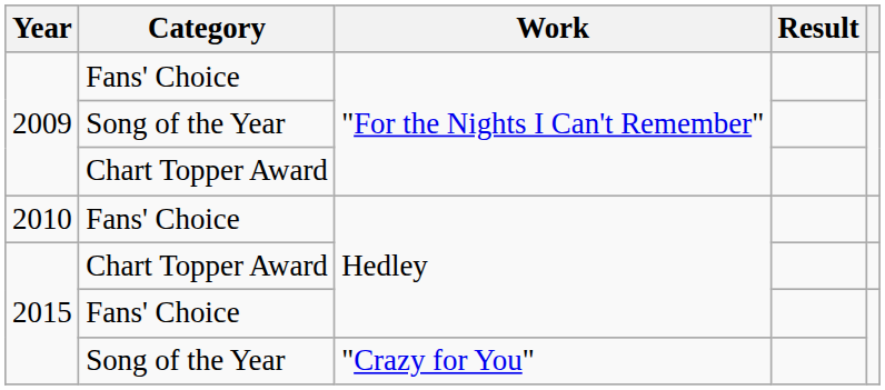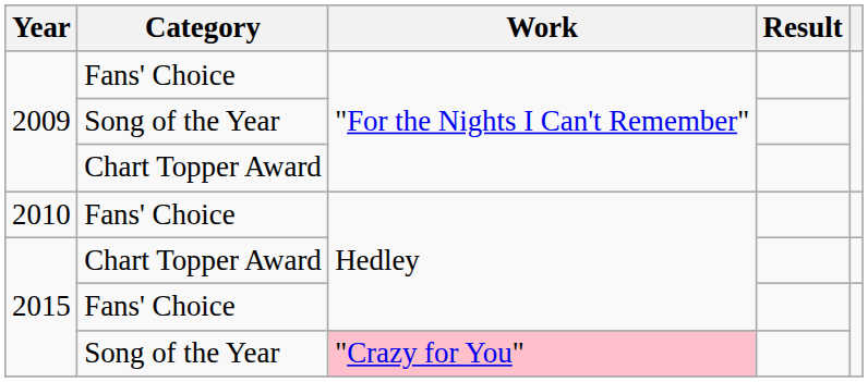 <table class="wikitable">
 <tr>
 <th scope="col">Year</th>
 <th>Category</th>
 <th scope="col">Work</th>
 <th scope="col">Result</th>
 <th></th>
 </tr>
 <tr>
 <td rowspan="3">2009</td>
 <td>Fans' Choice</td>
 <td rowspan="3">"<a href='#'>For the Nights I Can't Remember</a>"</td>
 <td></td>
 <td style="text-align:center;" rowspan="3"></td>
 </tr>
 <tr>
 <td>Song of the Year</td>
 <td></td>
 </tr>
 <tr>
 <td>Chart Topper Award</td>
 <td></td>
 </tr>
 <tr>
 <td>2010</td>
 <td>Fans' Choice</td>
 <td rowspan="3">Hedley</td>
 <td></td>
 <td style="text-align:center;"></td>
 </tr>
 <tr>
 <td rowspan="3">2015</td>
 <td>Chart Topper Award</td>
 <td></td>
 <td style="text-align:center;"></td>
 </tr>
 <tr>
 <td>Fans' Choice</td>
 <td></td>
 <td style="text-align:center;" rowspan="2"></td>
 </tr>
 <tr>
 <td>Song of the Year</td>
-<td>"<a href='#'>Crazy for You</a>"</td>
+<td style="background: pink;">"<a href='#'>Crazy for You</a>"</td>
 <td></td>
 </tr>
 </table>
